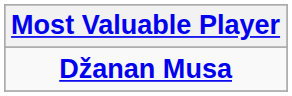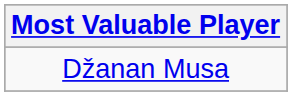 <table class=wikitable style="text-align:center">
 <tr>
 <th><a href='#'>Most Valuable Player</a></th>
 </tr>
 <tr>
-<td><strong> <a href='#'>Džanan Musa</a></strong></td>
+<td> <a href='#'>Džanan Musa</a></td>
 </tr>
 </table>
